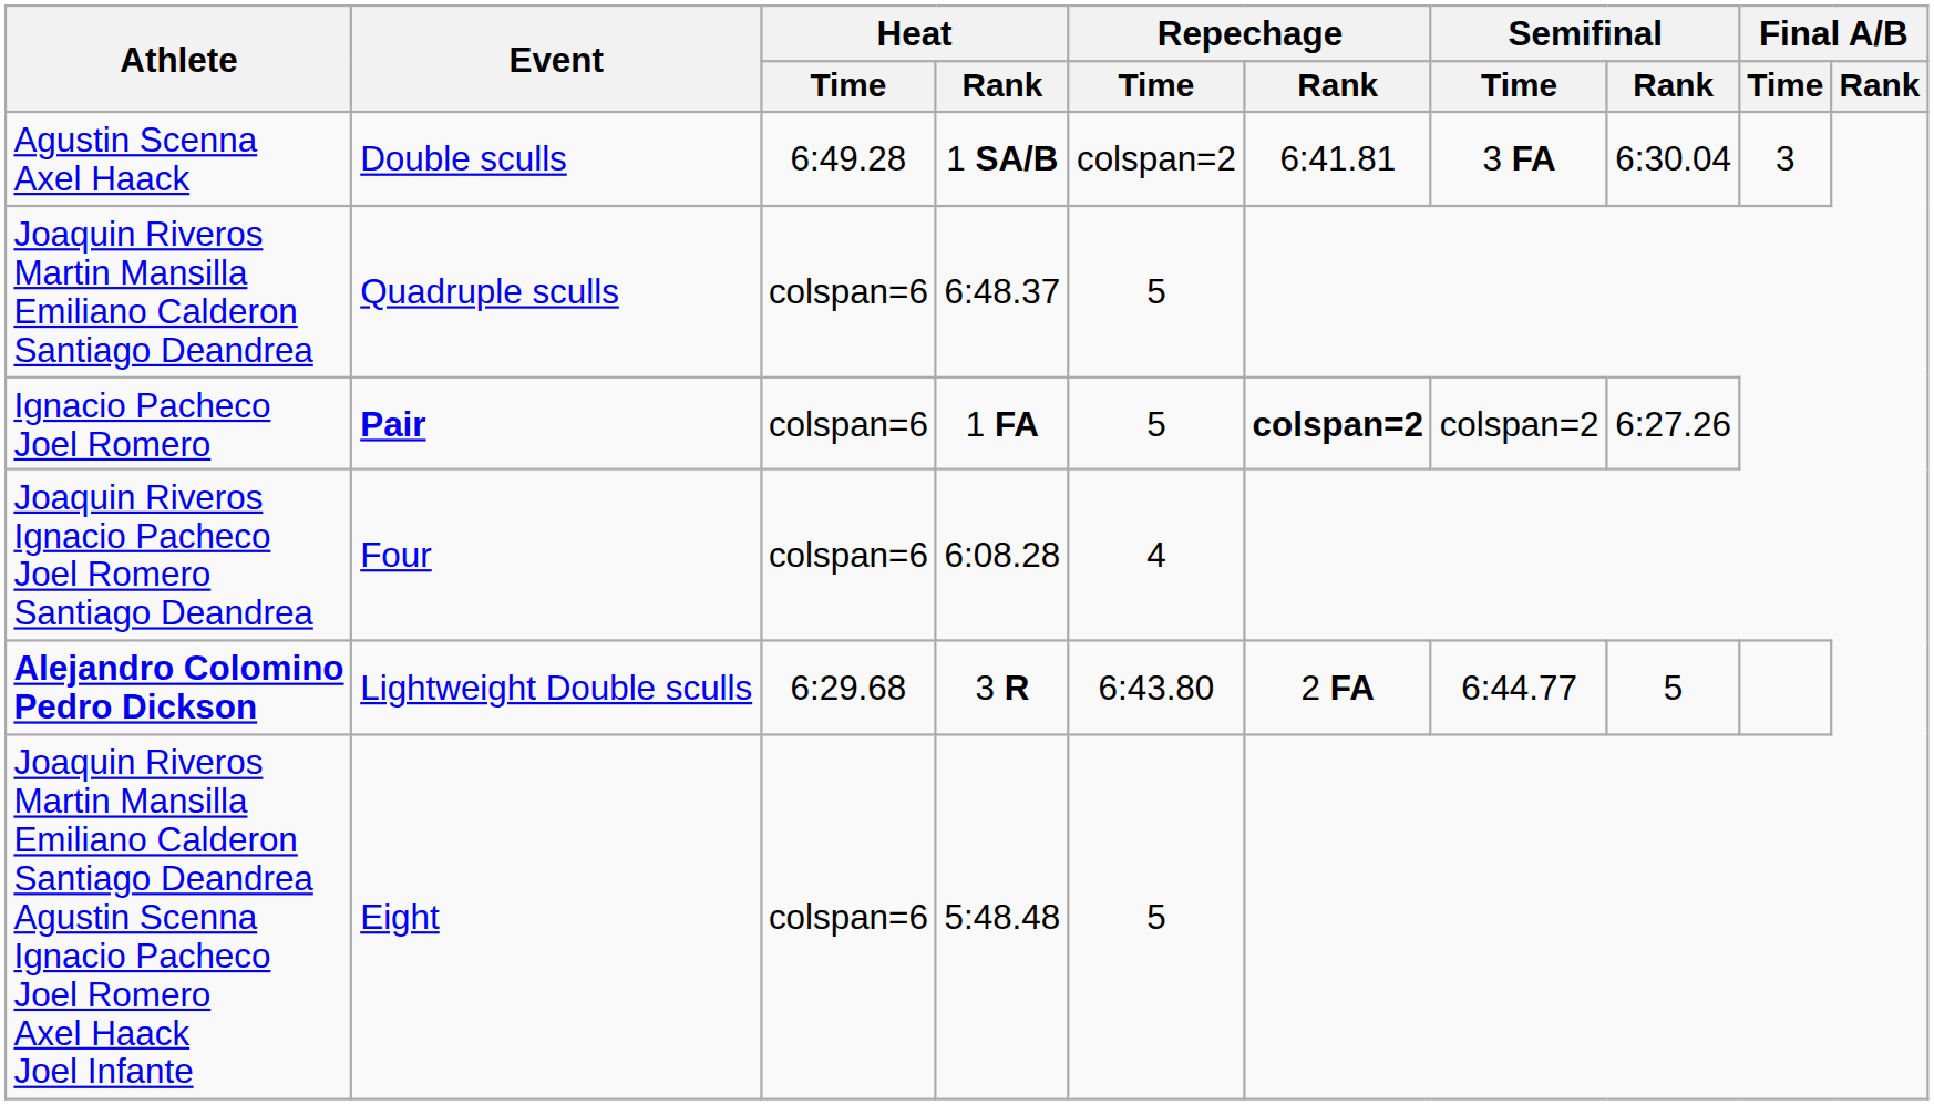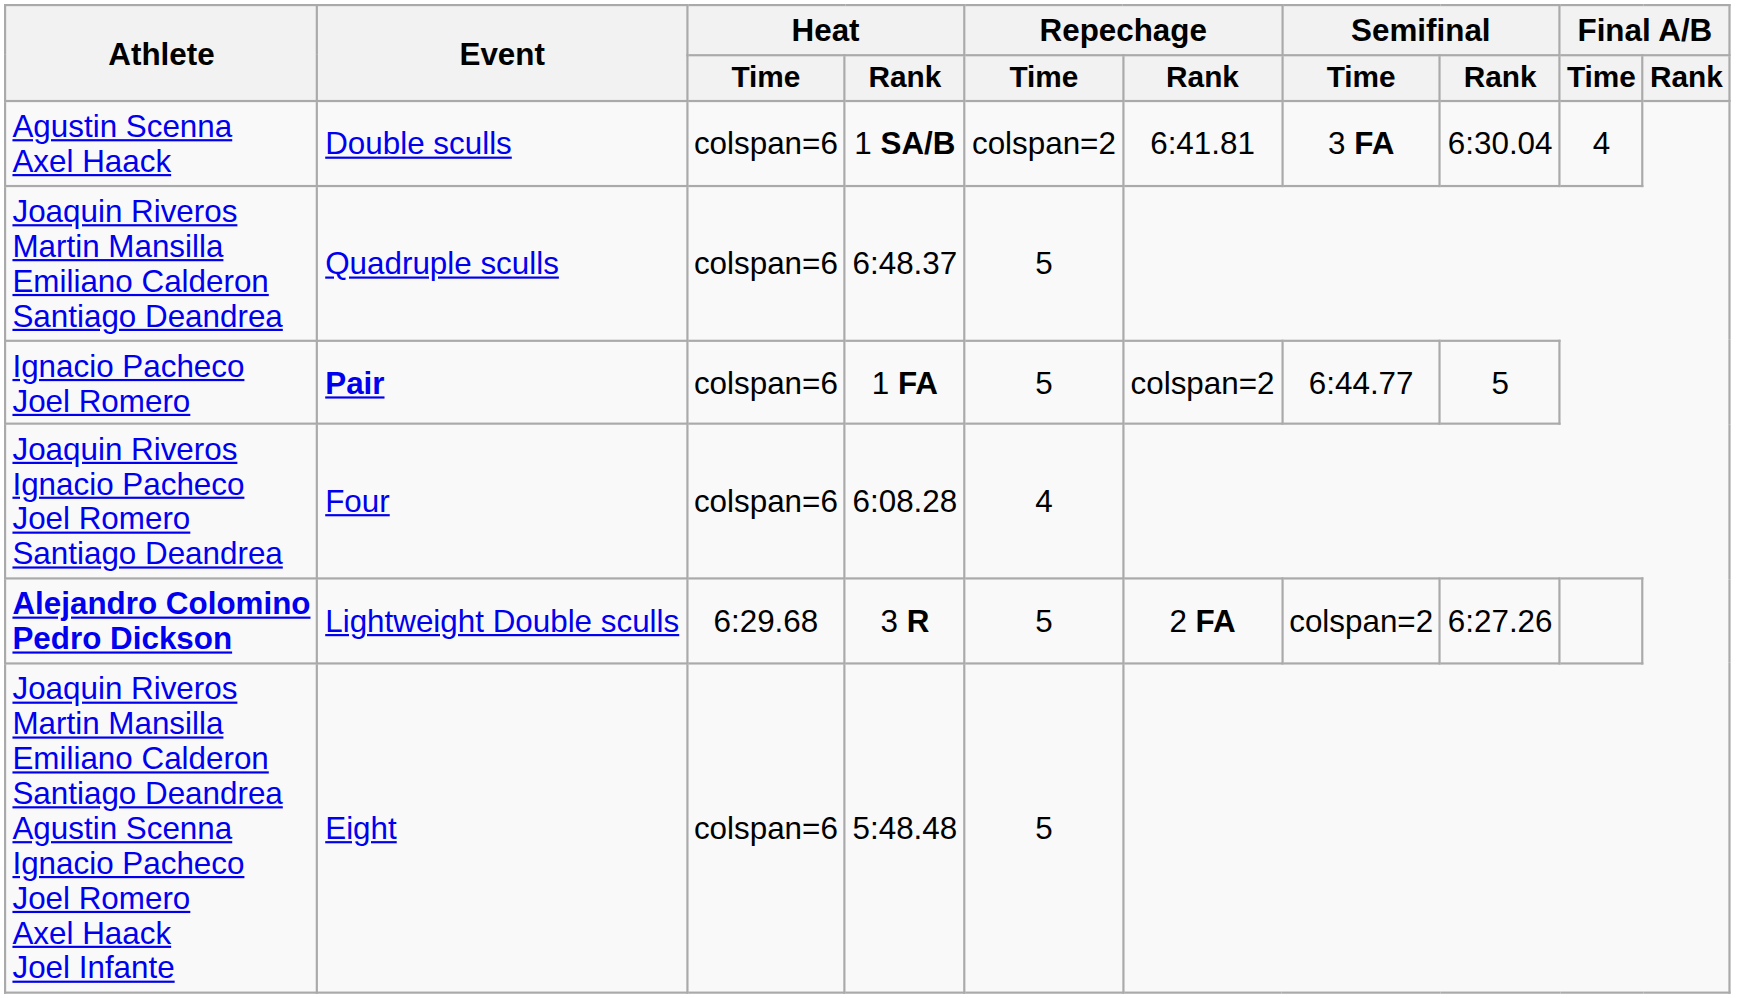 <table class=wikitable style=font-size:90%;text-align:center>
 <tr>
 <th rowspan=2>Athlete</th>
 <th rowspan=2>Event</th>
 <th colspan=2>Heat</th>
 <th colspan=2>Repechage</th>
 <th colspan=2>Semifinal</th>
 <th colspan=2>Final A/B</th>
 </tr>
 <tr style=font-size:95%>
 <th>Time</th>
 <th>Rank</th>
 <th>Time</th>
 <th>Rank</th>
 <th>Time</th>
 <th>Rank</th>
 <th>Time</th>
 <th>Rank</th>
 </tr>
 <tr>
 <td align=left><a href='#'>Agustin Scenna</a><br><a href='#'>Axel Haack</a></td>
 <td align=left><a href='#'>Double sculls</a></td>
-<td>6:49.28</td>
+<td>colspan=6 </td>
 <td>1 <strong>SA/B</strong></td>
 <td>colspan=2 </td>
 <td>6:41.81</td>
 <td>3 <strong>FA</strong></td>
 <td>6:30.04</td>
-<td>3</td>
+<td>4</td>
 </tr>
 <tr>
 <td align=left><a href='#'>Joaquin Riveros</a><br><a href='#'>Martin Mansilla</a><br><a href='#'>Emiliano Calderon</a><br><a href='#'>Santiago Deandrea</a></td>
 <td align=left><a href='#'>Quadruple sculls</a></td>
 <td>colspan=6 </td>
 <td>6:48.37</td>
 <td>5</td>
 </tr>
 <tr>
 <td align=left><a href='#'>Ignacio Pacheco</a><br><a href='#'>Joel Romero</a></td>
 <td align=left><strong><a href='#'>Pair</a></strong></td>
 <td>colspan=6 </td>
 <td>1 <strong>FA</strong></td>
 <td>5</td>
-<td><strong>colspan=2 </strong></td>
 <td>colspan=2 </td>
-<td>6:27.26</td>
+<td>6:44.77</td>
+<td>5</td>
 </tr>
 <tr>
 <td align=left><a href='#'>Joaquin Riveros</a><br><a href='#'>Ignacio Pacheco</a><br><a href='#'>Joel Romero</a><br><a href='#'>Santiago Deandrea</a></td>
 <td align=left><a href='#'>Four</a></td>
 <td>colspan=6 </td>
 <td>6:08.28</td>
 <td>4</td>
 </tr>
 <tr>
 <td align=left><strong><a href='#'>Alejandro Colomino</a><br><a href='#'>Pedro Dickson</a></strong></td>
 <td align=left><a href='#'>Lightweight Double sculls</a></td>
 <td>6:29.68</td>
 <td>3 <strong>R</strong></td>
-<td>6:43.80</td>
+<td>5</td>
 <td>2 <strong>FA</strong></td>
-<td>6:44.77</td>
-<td>5</td>
+<td>colspan=2 </td>
+<td>6:27.26</td>
 <td></td>
 </tr>
 <tr>
 <td align=left><a href='#'>Joaquin Riveros</a><br><a href='#'>Martin Mansilla</a><br><a href='#'>Emiliano Calderon</a><br><a href='#'>Santiago Deandrea</a><br><a href='#'>Agustin Scenna</a><br><a href='#'>Ignacio Pacheco</a><br><a href='#'>Joel Romero</a><br><a href='#'>Axel Haack</a><br><a href='#'>Joel Infante</a></td>
 <td align=left><a href='#'>Eight</a></td>
 <td>colspan=6 </td>
 <td>5:48.48</td>
 <td>5</td>
 </tr>
 </table>
